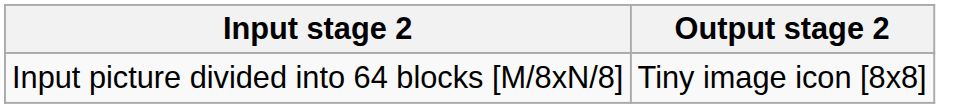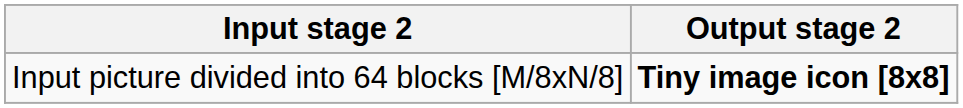 <table class="wikitable">
 <tr>
 <th>Input stage 2</th>
 <th>Output stage 2</th>
 </tr>
 <tr>
 <td>Input picture divided into 64 blocks [M/8xN/8]</td>
-<td>Tiny image icon [8x8]</td>
+<td><strong>Tiny image icon [8x8]</strong></td>
 </tr>
 </table>
